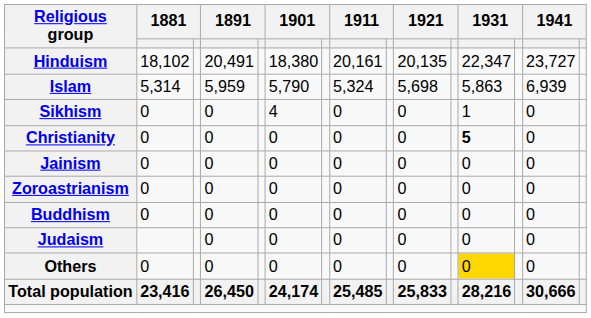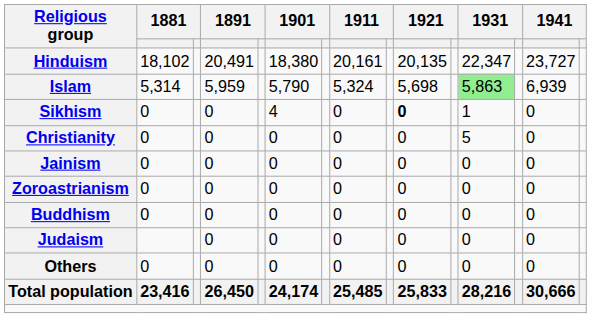 <table class="wikitable sortable">
 <tr>
 <th rowspan="2"><a href='#'>Religious</a><br>group</th>
 <th colspan="2">1881</th>
 <th colspan="2">1891</th>
 <th colspan="2">1901</th>
 <th colspan="2">1911</th>
 <th colspan="2">1921</th>
 <th colspan="2">1931</th>
 <th colspan="2">1941</th>
 </tr>
 <tr>
 <th><a href='#'></a></th>
 <th></th>
 <th></th>
 <th></th>
 <th></th>
 <th></th>
 <th></th>
 <th></th>
 <th></th>
 <th></th>
 <th></th>
 <th></th>
 <th></th>
 <th></th>
 </tr>
 <tr>
 <th><a href='#'>Hinduism</a> </th>
 <td>18,102</td>
 <td></td>
 <td>20,491</td>
 <td></td>
 <td>18,380</td>
 <td></td>
 <td>20,161</td>
 <td></td>
 <td>20,135</td>
 <td></td>
 <td>22,347</td>
 <td></td>
 <td>23,727</td>
 <td></td>
 </tr>
 <tr>
 <th><a href='#'>Islam</a> </th>
 <td>5,314</td>
 <td></td>
 <td>5,959</td>
 <td></td>
 <td>5,790</td>
 <td></td>
 <td>5,324</td>
 <td></td>
 <td>5,698</td>
 <td></td>
-<td>5,863</td>
+<td style="background: lightgreen;">5,863</td>
 <td></td>
 <td>6,939</td>
 <td></td>
 </tr>
 <tr>
 <th><a href='#'>Sikhism</a> </th>
 <td>0</td>
 <td></td>
 <td>0</td>
 <td></td>
 <td>4</td>
 <td></td>
 <td>0</td>
 <td></td>
-<td>0</td>
+<td><strong>0</strong></td>
 <td></td>
 <td>1</td>
 <td></td>
 <td>0</td>
 <td></td>
 </tr>
 <tr>
 <th><a href='#'>Christianity</a> </th>
 <td>0</td>
 <td></td>
 <td>0</td>
 <td></td>
 <td>0</td>
 <td></td>
 <td>0</td>
 <td></td>
 <td>0</td>
 <td></td>
-<td><strong>5</strong></td>
+<td>5</td>
 <td></td>
 <td>0</td>
 <td></td>
 </tr>
 <tr>
 <th><a href='#'>Jainism</a> </th>
 <td>0</td>
 <td></td>
 <td>0</td>
 <td></td>
 <td>0</td>
 <td></td>
 <td>0</td>
 <td></td>
 <td>0</td>
 <td></td>
 <td>0</td>
 <td></td>
 <td>0</td>
 <td></td>
 </tr>
 <tr>
 <th><a href='#'>Zoroastrianism</a> </th>
 <td>0</td>
 <td></td>
 <td>0</td>
 <td></td>
 <td>0</td>
 <td></td>
 <td>0</td>
 <td></td>
 <td>0</td>
 <td></td>
 <td>0</td>
 <td></td>
 <td>0</td>
 <td></td>
 </tr>
 <tr>
 <th><a href='#'>Buddhism</a> </th>
 <td>0</td>
 <td></td>
 <td>0</td>
 <td></td>
 <td>0</td>
 <td></td>
 <td>0</td>
 <td></td>
 <td>0</td>
 <td></td>
 <td>0</td>
 <td></td>
 <td>0</td>
 <td></td>
 </tr>
 <tr>
 <th><a href='#'>Judaism</a> </th>
 <td></td>
 <td></td>
 <td>0</td>
 <td></td>
 <td>0</td>
 <td></td>
 <td>0</td>
 <td></td>
 <td>0</td>
 <td></td>
 <td>0</td>
 <td></td>
 <td>0</td>
 <td></td>
 </tr>
 <tr>
 <th>Others</th>
 <td>0</td>
 <td></td>
 <td>0</td>
 <td></td>
 <td>0</td>
 <td></td>
 <td>0</td>
 <td></td>
 <td>0</td>
 <td></td>
-<td style="background: gold;">0</td>
+<td>0</td>
 <td></td>
 <td>0</td>
 <td></td>
 </tr>
 <tr>
 <th>Total population</th>
 <th>23,416</th>
 <th></th>
 <th>26,450</th>
 <th></th>
 <th>24,174</th>
 <th></th>
 <th>25,485</th>
 <th></th>
 <th>25,833</th>
 <th></th>
 <th>28,216</th>
 <th></th>
 <th>30,666</th>
 <th></th>
 </tr>
 <tr class="sortbottom">
 <td colspan="15"></td>
 </tr>
 </table>
